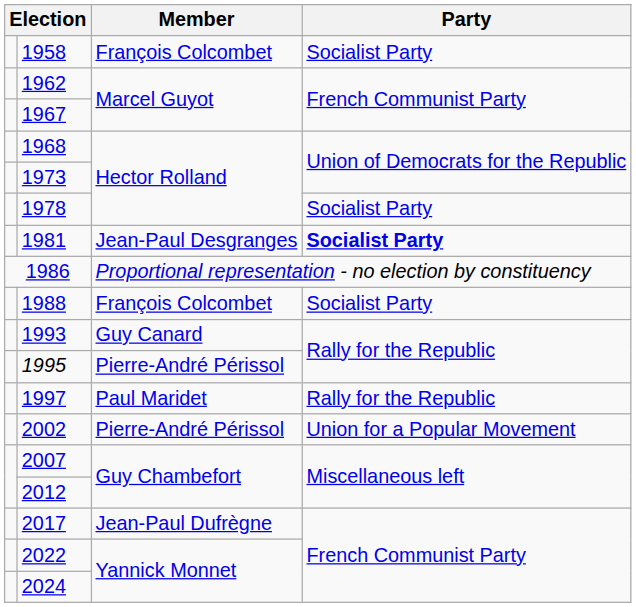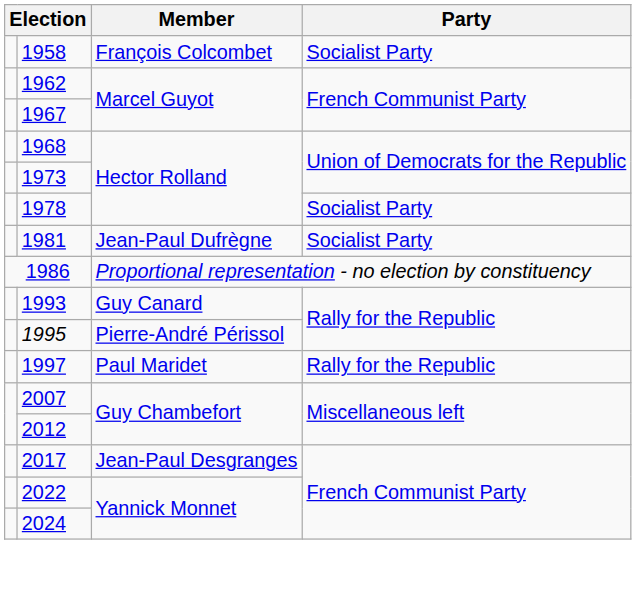 <table class="wikitable">
 <tr>
 <th colspan="2">Election</th>
 <th>Member</th>
 <th>Party</th>
 </tr>
 <tr>
 <td style="color:inherit;background-color: "></td>
 <td><a href='#'>1958</a></td>
 <td><a href='#'>François Colcombet</a></td>
 <td><a href='#'>Socialist Party</a></td>
 </tr>
 <tr>
 <td style="color:inherit;background-color: "></td>
 <td><a href='#'>1962</a></td>
 <td rowspan="2"><a href='#'>Marcel Guyot</a></td>
 <td rowspan="2"><a href='#'>French Communist Party</a></td>
 </tr>
 <tr>
 <td style="color:inherit;background-color: "></td>
 <td><a href='#'>1967</a></td>
 </tr>
 <tr>
 <td style="color:inherit;background-color: "></td>
 <td><a href='#'>1968</a></td>
 <td rowspan="3"><a href='#'>Hector Rolland</a></td>
 <td rowspan="2"><a href='#'>Union of Democrats for the Republic</a></td>
 </tr>
 <tr>
 <td style="color:inherit;background-color: "></td>
 <td><a href='#'>1973</a></td>
 </tr>
 <tr>
 <td style="color:inherit;background-color: "></td>
 <td><a href='#'>1978</a></td>
 <td><a href='#'>Socialist Party</a></td>
 </tr>
 <tr>
 <td style="color:inherit;background-color: "></td>
 <td><a href='#'>1981</a></td>
-<td><a href='#'>Jean-Paul Desgranges</a></td>
-<td><strong><a href='#'>Socialist Party</a></strong></td>
+<td><a href='#'>Jean-Paul Dufrègne</a></td>
+<td><a href='#'>Socialist Party</a></td>
 </tr>
 <tr>
 <td colspan="2" align="center"><a href='#'>1986</a></td>
 <td colspan="2"><em><a href='#'>Proportional representation</a> - no election by constituency</em></td>
-</tr>
-<tr>
-<td style="color:inherit;background-color: "></td>
-<td><a href='#'>1988</a></td>
-<td><a href='#'>François Colcombet</a></td>
-<td><a href='#'>Socialist Party</a></td>
 </tr>
 <tr>
 <td style="color:inherit;background-color: "></td>
 <td><a href='#'>1993</a></td>
 <td><a href='#'>Guy Canard</a></td>
 <td rowspan="2"><a href='#'>Rally for the Republic</a></td>
 </tr>
 <tr>
 <td style="color:inherit;background-color: "></td>
 <td><em>1995</em></td>
 <td><a href='#'>Pierre-André Périssol</a></td>
 </tr>
 <tr>
 <td style="color:inherit;background-color: "></td>
 <td><a href='#'>1997</a></td>
 <td><a href='#'>Paul Maridet</a></td>
 <td><a href='#'>Rally for the Republic</a></td>
 </tr>
 <tr>
-<td style="color:inherit;background-color: "></td>
-<td><a href='#'>2002</a></td>
-<td><a href='#'>Pierre-André Périssol</a></td>
-<td><a href='#'>Union for a Popular Movement</a></td>
-</tr>
-<tr>
 <td rowspan="2" style="color:inherit;background-color: "></td>
 <td><a href='#'>2007</a></td>
 <td rowspan="2"><a href='#'>Guy Chambefort</a></td>
 <td rowspan="2"><a href='#'>Miscellaneous left</a></td>
 </tr>
 <tr>
 <td><a href='#'>2012</a></td>
 </tr>
 <tr>
 <td style="color:inherit;background-color: "></td>
 <td><a href='#'>2017</a></td>
-<td><a href='#'>Jean-Paul Dufrègne</a></td>
+<td><a href='#'>Jean-Paul Desgranges</a></td>
 <td rowspan="3"><a href='#'>French Communist Party</a></td>
 </tr>
 <tr>
 <td style="color:inherit;background-color: "></td>
 <td><a href='#'>2022</a></td>
 <td rowspan="2"><a href='#'>Yannick Monnet</a></td>
 </tr>
 <tr>
 <td style="color:inherit;background-color: "></td>
 <td><a href='#'>2024</a></td>
 </tr>
 </table>
